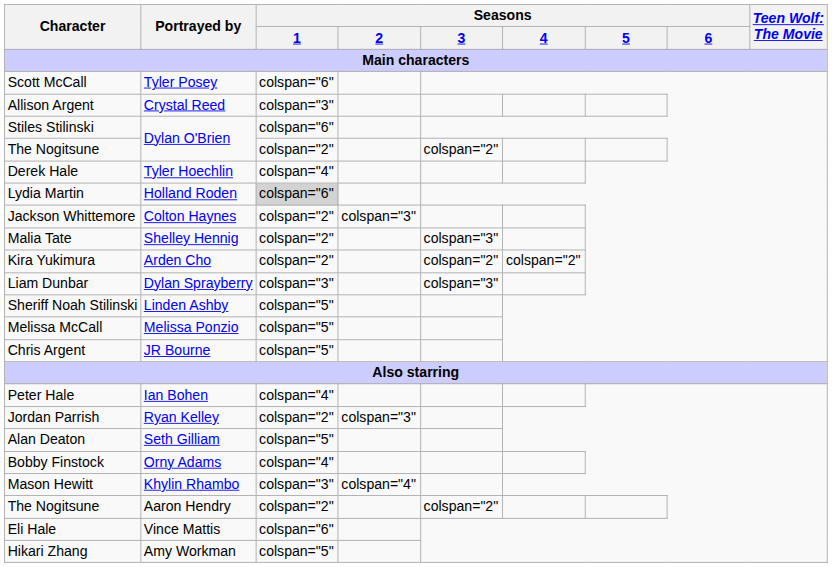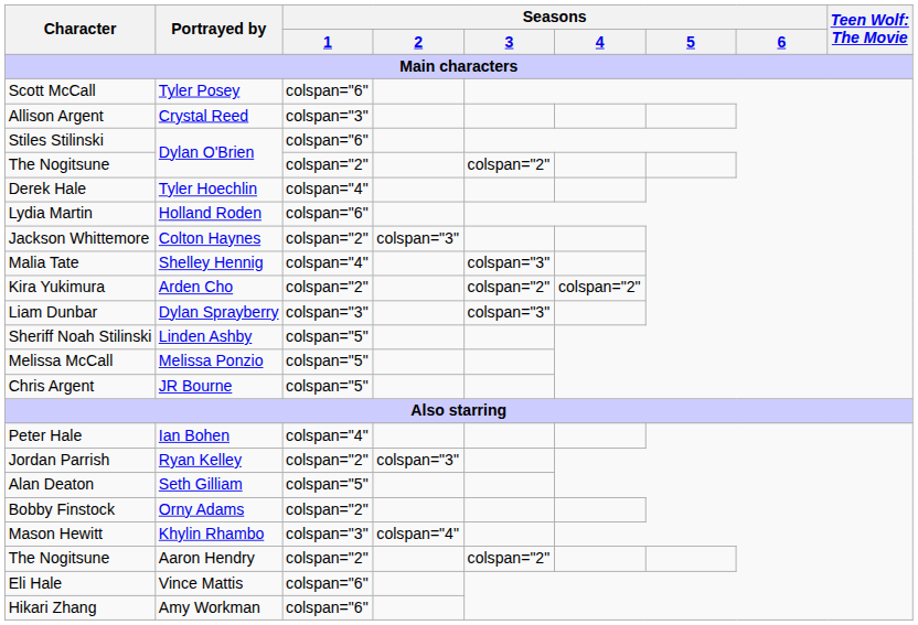 <table class="wikitable">
 <tr>
 <th rowspan="2">Character</th>
 <th rowspan="2">Portrayed by</th>
 <th colspan="6">Seasons</th>
 <th rowspan="2" colspan="2"><em><a href='#'>Teen Wolf:<br>The Movie</a></em></th>
 </tr>
 <tr>
 <th style="width:10%;"><a href='#'>1</a></th>
 <th style="width:10%;"><a href='#'>2</a></th>
 <th style="width:10%;"><a href='#'>3</a></th>
 <th style="width:10%;"><a href='#'>4</a></th>
 <th style="width:10%;"><a href='#'>5</a></th>
 <th style="width:10%;"><a href='#'>6</a></th>
 </tr>
 <tr>
 <th scope="row" colspan="9" style="background-color:#ccccff;">Main characters</th>
 </tr>
 <tr>
 <td>Scott McCall</td>
 <td><a href='#'>Tyler Posey</a></td>
 <td>colspan="6" </td>
 <td></td>
 </tr>
 <tr>
 <td>Allison Argent</td>
 <td><a href='#'>Crystal Reed</a></td>
 <td>colspan="3" </td>
 <td></td>
 <td></td>
 <td></td>
 <td></td>
 </tr>
 <tr>
 <td>Stiles Stilinski</td>
 <td rowspan="2"><a href='#'>Dylan O'Brien</a></td>
 <td>colspan="6" </td>
 <td></td>
 </tr>
 <tr>
 <td>The Nogitsune</td>
 <td>colspan="2" </td>
 <td></td>
 <td>colspan="2" </td>
 <td></td>
 <td></td>
 </tr>
 <tr>
 <td>Derek Hale</td>
 <td><a href='#'>Tyler Hoechlin</a></td>
 <td>colspan="4" </td>
 <td></td>
 <td></td>
 <td></td>
 </tr>
 <tr>
 <td>Lydia Martin</td>
 <td><a href='#'>Holland Roden</a></td>
-<td style="background: lightgrey;">colspan="6" </td>
+<td>colspan="6" </td>
 <td></td>
 </tr>
 <tr>
 <td>Jackson Whittemore</td>
 <td><a href='#'>Colton Haynes</a></td>
 <td>colspan="2" </td>
 <td>colspan="3" </td>
 <td></td>
 <td></td>
 </tr>
 <tr>
 <td>Malia Tate</td>
 <td><a href='#'>Shelley Hennig</a></td>
-<td>colspan="2" </td>
+<td>colspan="4" </td>
 <td></td>
 <td>colspan="3" </td>
 <td></td>
 </tr>
 <tr>
 <td>Kira Yukimura</td>
 <td><a href='#'>Arden Cho</a></td>
 <td>colspan="2" </td>
 <td></td>
 <td>colspan="2" </td>
 <td>colspan="2" </td>
 </tr>
 <tr>
 <td>Liam Dunbar</td>
 <td><a href='#'>Dylan Sprayberry</a></td>
 <td>colspan="3" </td>
 <td></td>
 <td>colspan="3" </td>
 <td></td>
 </tr>
 <tr>
 <td>Sheriff Noah Stilinski</td>
 <td><a href='#'>Linden Ashby</a></td>
 <td>colspan="5" </td>
 <td></td>
 <td></td>
 </tr>
 <tr>
 <td>Melissa McCall</td>
 <td><a href='#'>Melissa Ponzio</a></td>
 <td>colspan="5" </td>
 <td></td>
 <td></td>
 </tr>
 <tr>
 <td>Chris Argent</td>
 <td><a href='#'>JR Bourne</a></td>
 <td>colspan="5" </td>
 <td></td>
 <td></td>
 </tr>
 <tr>
 <th scope="row" colspan="9" style="background-color:#ccccff;">Also starring</th>
 </tr>
 <tr>
 <td>Peter Hale</td>
 <td><a href='#'>Ian Bohen</a></td>
 <td>colspan="4" </td>
 <td></td>
 <td></td>
 <td></td>
 </tr>
 <tr>
 <td>Jordan Parrish</td>
 <td><a href='#'>Ryan Kelley</a></td>
 <td>colspan="2" </td>
 <td>colspan="3" </td>
 <td></td>
 </tr>
 <tr>
 <td>Alan Deaton</td>
 <td><a href='#'>Seth Gilliam</a></td>
 <td>colspan="5" </td>
 <td></td>
 <td></td>
 </tr>
 <tr>
 <td>Bobby Finstock</td>
 <td><a href='#'>Orny Adams</a></td>
-<td>colspan="4" </td>
+<td>colspan="2" </td>
 <td></td>
 <td></td>
 <td></td>
 </tr>
 <tr>
 <td>Mason Hewitt</td>
 <td><a href='#'>Khylin Rhambo</a></td>
 <td>colspan="3" </td>
 <td>colspan="4" </td>
 <td></td>
 </tr>
 <tr>
 <td>The Nogitsune</td>
 <td>Aaron Hendry</td>
 <td>colspan="2" </td>
 <td></td>
 <td>colspan="2" </td>
 <td></td>
 <td></td>
 </tr>
 <tr>
 <td>Eli Hale</td>
 <td>Vince Mattis</td>
 <td>colspan="6" </td>
 <td></td>
 </tr>
 <tr>
 <td>Hikari Zhang</td>
 <td>Amy Workman</td>
-<td>colspan="5" </td>
+<td>colspan="6" </td>
 <td></td>
 </tr>
 </table>
